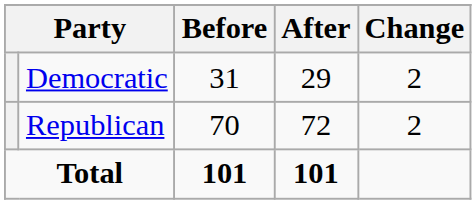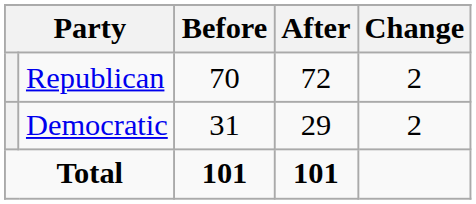 <table class="wikitable" style="text-align:center;">
 <tr>
 </tr>
 <tr>
 <th colspan=2>Party</th>
 <th>Before</th>
 <th>After</th>
 <th>Change</th>
 </tr>
 <tr>
 <th style="background-color:"></th>
-<td style="text-align:left;"><a href='#'>Democratic</a></td>
-<td>31</td>
-<td>29</td>
+<td style="text-align:left;"><a href='#'>Republican</a></td>
+<td>70</td>
+<td>72</td>
 <td> 2</td>
 </tr>
 <tr>
 <th style="background-color:"></th>
-<td style="text-align:left;"><a href='#'>Republican</a></td>
-<td>70</td>
-<td>72</td>
+<td style="text-align:left;"><a href='#'>Democratic</a></td>
+<td>31</td>
+<td>29</td>
 <td> 2</td>
 </tr>
 <tr>
 <td colspan=2><strong>Total</strong></td>
 <td><strong>101</strong></td>
 <td><strong>101</strong></td>
 <td></td>
 </tr>
 </table>
